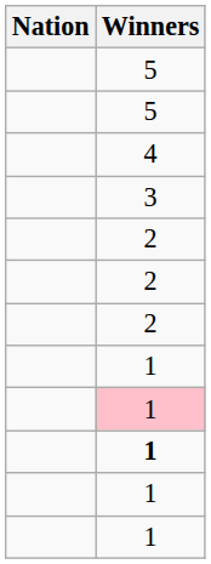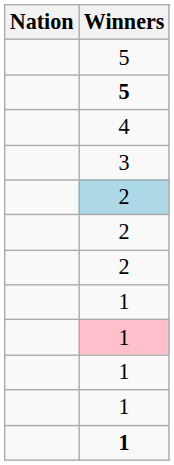 <table class="wikitable">
 <tr>
 <th>Nation</th>
 <th>Winners</th>
 </tr>
 <tr>
 <td></td>
 <td align=center>5</td>
 </tr>
 <tr>
 <td></td>
-<td align=center>5</td>
+<td align=center><strong>5</strong></td>
 </tr>
 <tr>
 <td></td>
 <td align=center>4</td>
 </tr>
 <tr>
 <td></td>
 <td align=center>3</td>
 </tr>
 <tr>
 <td></td>
-<td align=center>2</td>
+<td align=center style="background: lightblue;">2</td>
 </tr>
 <tr>
 <td></td>
 <td align=center>2</td>
 </tr>
 <tr>
 <td></td>
 <td align="center">2</td>
 </tr>
 <tr>
 <td></td>
 <td align=center>1</td>
 </tr>
 <tr>
 <td></td>
 <td align=center style="background: pink;">1</td>
 </tr>
 <tr>
 <td></td>
-<td align=center><strong>1</strong></td>
+<td align=center>1</td>
 </tr>
 <tr>
 <td></td>
 <td align=center>1</td>
 </tr>
 <tr>
 <td></td>
-<td align=center>1</td>
+<td align=center><strong>1</strong></td>
 </tr>
 </table>
